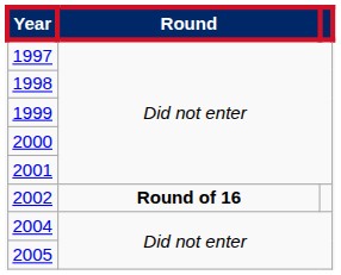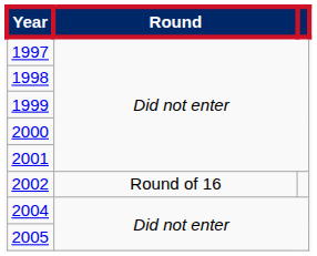 <table class="wikitable" style="text-align: center; font-size:90%">
 <tr style="color:white;">
 <th style="background:#002868; border: 4px solid #CE1126; ">Year</th>
 <th style="background:#002868; border: 4px solid #CE1126; width:200px">Round</th>
 <th style="background:#002868; border: 4px solid #CE1126;"></th>
 </tr>
 <tr>
 <td><a href='#'>1997</a></td>
 <td colspan="2" rowspan="5"><em>Did not enter</em></td>
 </tr>
 <tr>
 <td><a href='#'>1998</a></td>
 </tr>
 <tr>
 <td><a href='#'>1999</a></td>
 </tr>
 <tr>
 <td><a href='#'>2000</a></td>
 </tr>
 <tr>
 <td><a href='#'>2001</a></td>
 </tr>
 <tr>
 <td><a href='#'>2002</a></td>
-<td><strong>Round of 16</strong></td>
+<td>Round of 16</td>
 <td></td>
 </tr>
 <tr>
 <td><a href='#'>2004</a></td>
 <td colspan="2" rowspan="2"><em>Did not enter</em></td>
 </tr>
 <tr>
 <td><a href='#'>2005</a></td>
 </tr>
 </table>
